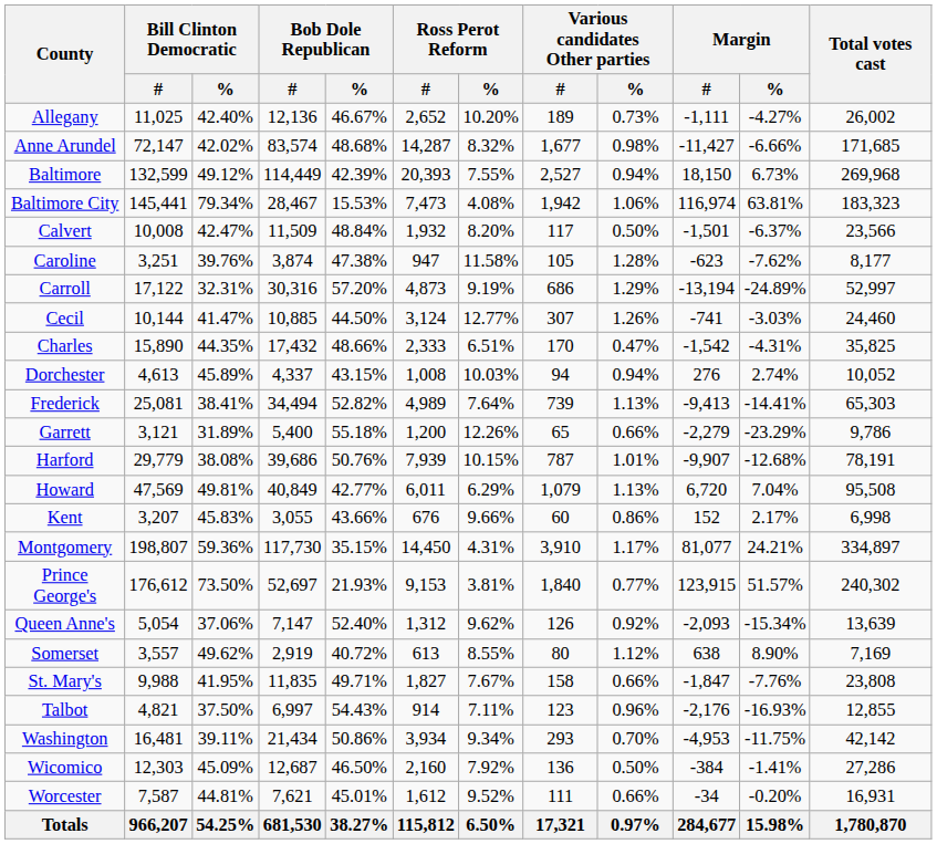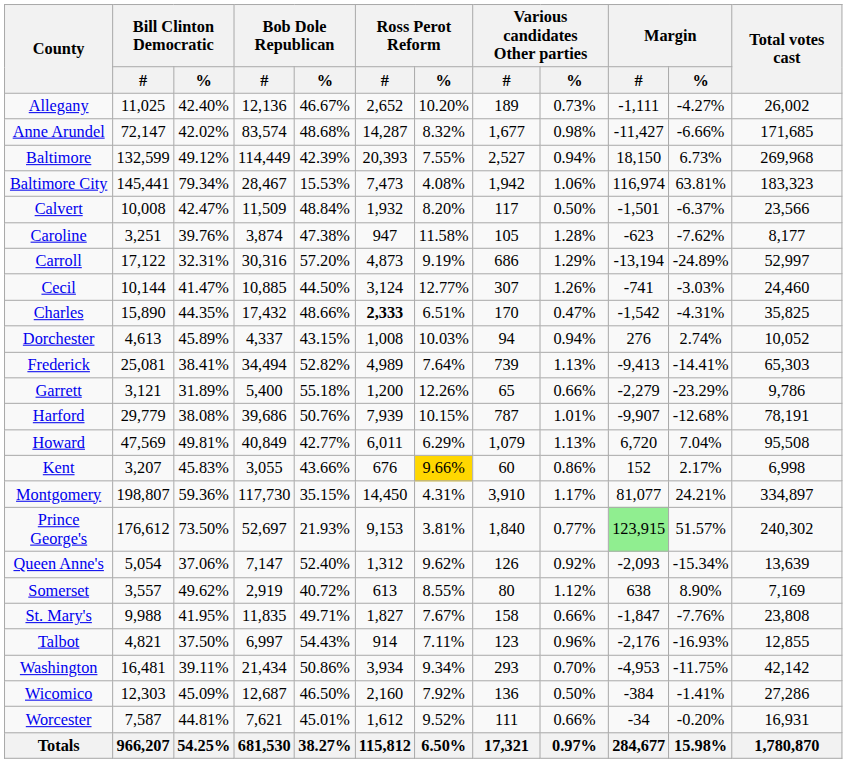 <table width="65%"  class="wikitable sortable" style="text-align:center">
 <tr>
 <th style="text-align:center;" rowspan="2">County</th>
 <th style="text-align:center;" colspan="2">Bill Clinton<br>Democratic</th>
 <th style="text-align:center;" colspan="2">Bob Dole<br>Republican</th>
 <th style="text-align:center;" colspan="2">Ross Perot<br>Reform</th>
 <th style="text-align:center;" colspan="2">Various candidates<br>Other parties</th>
 <th style="text-align:center;" colspan="2">Margin</th>
 <th style="text-align:center;" rowspan="2">Total votes cast</th>
 </tr>
 <tr>
 <th style="text-align:center;" data-sort-type="number">#</th>
 <th style="text-align:center;" data-sort-type="number">%</th>
 <th style="text-align:center;" data-sort-type="number">#</th>
 <th style="text-align:center;" data-sort-type="number">%</th>
 <th style="text-align:center;" data-sort-type="number">#</th>
 <th style="text-align:center;" data-sort-type="number">%</th>
 <th style="text-align:center;" data-sort-type="number">#</th>
 <th style="text-align:center;" data-sort-type="number">%</th>
 <th style="text-align:center;" data-sort-type="number">#</th>
 <th style="text-align:center;" data-sort-type="number">%</th>
 </tr>
 <tr style="text-align:center;">
 <td><a href='#'>Allegany</a></td>
 <td>11,025</td>
 <td>42.40%</td>
 <td>12,136</td>
 <td>46.67%</td>
 <td>2,652</td>
 <td>10.20%</td>
 <td>189</td>
 <td>0.73%</td>
 <td>-1,111</td>
 <td>-4.27%</td>
 <td>26,002</td>
 </tr>
 <tr style="text-align:center;">
 <td><a href='#'>Anne Arundel</a></td>
 <td>72,147</td>
 <td>42.02%</td>
 <td>83,574</td>
 <td>48.68%</td>
 <td>14,287</td>
 <td>8.32%</td>
 <td>1,677</td>
 <td>0.98%</td>
 <td>-11,427</td>
 <td>-6.66%</td>
 <td>171,685</td>
 </tr>
 <tr style="text-align:center;">
 <td><a href='#'>Baltimore</a></td>
 <td>132,599</td>
 <td>49.12%</td>
 <td>114,449</td>
 <td>42.39%</td>
 <td>20,393</td>
 <td>7.55%</td>
 <td>2,527</td>
 <td>0.94%</td>
 <td>18,150</td>
 <td>6.73%</td>
 <td>269,968</td>
 </tr>
 <tr style="text-align:center;">
 <td><a href='#'>Baltimore City</a></td>
 <td>145,441</td>
 <td>79.34%</td>
 <td>28,467</td>
 <td>15.53%</td>
 <td>7,473</td>
 <td>4.08%</td>
 <td>1,942</td>
 <td>1.06%</td>
 <td>116,974</td>
 <td>63.81%</td>
 <td>183,323</td>
 </tr>
 <tr style="text-align:center;">
 <td><a href='#'>Calvert</a></td>
 <td>10,008</td>
 <td>42.47%</td>
 <td>11,509</td>
 <td>48.84%</td>
 <td>1,932</td>
 <td>8.20%</td>
 <td>117</td>
 <td>0.50%</td>
 <td>-1,501</td>
 <td>-6.37%</td>
 <td>23,566</td>
 </tr>
 <tr style="text-align:center;">
 <td><a href='#'>Caroline</a></td>
 <td>3,251</td>
 <td>39.76%</td>
 <td>3,874</td>
 <td>47.38%</td>
 <td>947</td>
 <td>11.58%</td>
 <td>105</td>
 <td>1.28%</td>
 <td>-623</td>
 <td>-7.62%</td>
 <td>8,177</td>
 </tr>
 <tr style="text-align:center;">
 <td><a href='#'>Carroll</a></td>
 <td>17,122</td>
 <td>32.31%</td>
 <td>30,316</td>
 <td>57.20%</td>
 <td>4,873</td>
 <td>9.19%</td>
 <td>686</td>
 <td>1.29%</td>
 <td>-13,194</td>
 <td>-24.89%</td>
 <td>52,997</td>
 </tr>
 <tr style="text-align:center;">
 <td><a href='#'>Cecil</a></td>
 <td>10,144</td>
 <td>41.47%</td>
 <td>10,885</td>
 <td>44.50%</td>
 <td>3,124</td>
 <td>12.77%</td>
 <td>307</td>
 <td>1.26%</td>
 <td>-741</td>
 <td>-3.03%</td>
 <td>24,460</td>
 </tr>
 <tr style="text-align:center;">
 <td><a href='#'>Charles</a></td>
 <td>15,890</td>
 <td>44.35%</td>
 <td>17,432</td>
 <td>48.66%</td>
-<td>2,333</td>
+<td><strong>2,333</strong></td>
 <td>6.51%</td>
 <td>170</td>
 <td>0.47%</td>
 <td>-1,542</td>
 <td>-4.31%</td>
 <td>35,825</td>
 </tr>
 <tr style="text-align:center;">
 <td><a href='#'>Dorchester</a></td>
 <td>4,613</td>
 <td>45.89%</td>
 <td>4,337</td>
 <td>43.15%</td>
 <td>1,008</td>
 <td>10.03%</td>
 <td>94</td>
 <td>0.94%</td>
 <td>276</td>
 <td>2.74%</td>
 <td>10,052</td>
 </tr>
 <tr style="text-align:center;">
 <td><a href='#'>Frederick</a></td>
 <td>25,081</td>
 <td>38.41%</td>
 <td>34,494</td>
 <td>52.82%</td>
 <td>4,989</td>
 <td>7.64%</td>
 <td>739</td>
 <td>1.13%</td>
 <td>-9,413</td>
 <td>-14.41%</td>
 <td>65,303</td>
 </tr>
 <tr style="text-align:center;">
 <td><a href='#'>Garrett</a></td>
 <td>3,121</td>
 <td>31.89%</td>
 <td>5,400</td>
 <td>55.18%</td>
 <td>1,200</td>
 <td>12.26%</td>
 <td>65</td>
 <td>0.66%</td>
 <td>-2,279</td>
 <td>-23.29%</td>
 <td>9,786</td>
 </tr>
 <tr style="text-align:center;">
 <td><a href='#'>Harford</a></td>
 <td>29,779</td>
 <td>38.08%</td>
 <td>39,686</td>
 <td>50.76%</td>
 <td>7,939</td>
 <td>10.15%</td>
 <td>787</td>
 <td>1.01%</td>
 <td>-9,907</td>
 <td>-12.68%</td>
 <td>78,191</td>
 </tr>
 <tr style="text-align:center;">
 <td><a href='#'>Howard</a></td>
 <td>47,569</td>
 <td>49.81%</td>
 <td>40,849</td>
 <td>42.77%</td>
 <td>6,011</td>
 <td>6.29%</td>
 <td>1,079</td>
 <td>1.13%</td>
 <td>6,720</td>
 <td>7.04%</td>
 <td>95,508</td>
 </tr>
 <tr style="text-align:center;">
 <td><a href='#'>Kent</a></td>
 <td>3,207</td>
 <td>45.83%</td>
 <td>3,055</td>
 <td>43.66%</td>
 <td>676</td>
-<td>9.66%</td>
+<td style="background: gold;">9.66%</td>
 <td>60</td>
 <td>0.86%</td>
 <td>152</td>
 <td>2.17%</td>
 <td>6,998</td>
 </tr>
 <tr style="text-align:center;">
 <td><a href='#'>Montgomery</a></td>
 <td>198,807</td>
 <td>59.36%</td>
 <td>117,730</td>
 <td>35.15%</td>
 <td>14,450</td>
 <td>4.31%</td>
 <td>3,910</td>
 <td>1.17%</td>
 <td>81,077</td>
 <td>24.21%</td>
 <td>334,897</td>
 </tr>
 <tr style="text-align:center;">
 <td><a href='#'>Prince George's</a></td>
 <td>176,612</td>
 <td>73.50%</td>
 <td>52,697</td>
 <td>21.93%</td>
 <td>9,153</td>
 <td>3.81%</td>
 <td>1,840</td>
 <td>0.77%</td>
-<td>123,915</td>
+<td style="background: lightgreen;">123,915</td>
 <td>51.57%</td>
 <td>240,302</td>
 </tr>
 <tr style="text-align:center;">
 <td><a href='#'>Queen Anne's</a></td>
 <td>5,054</td>
 <td>37.06%</td>
 <td>7,147</td>
 <td>52.40%</td>
 <td>1,312</td>
 <td>9.62%</td>
 <td>126</td>
 <td>0.92%</td>
 <td>-2,093</td>
 <td>-15.34%</td>
 <td>13,639</td>
 </tr>
 <tr style="text-align:center;">
 <td><a href='#'>Somerset</a></td>
 <td>3,557</td>
 <td>49.62%</td>
 <td>2,919</td>
 <td>40.72%</td>
 <td>613</td>
 <td>8.55%</td>
 <td>80</td>
 <td>1.12%</td>
 <td>638</td>
 <td>8.90%</td>
 <td>7,169</td>
 </tr>
 <tr style="text-align:center;">
 <td><a href='#'>St. Mary's</a></td>
 <td>9,988</td>
 <td>41.95%</td>
 <td>11,835</td>
 <td>49.71%</td>
 <td>1,827</td>
 <td>7.67%</td>
 <td>158</td>
 <td>0.66%</td>
 <td>-1,847</td>
 <td>-7.76%</td>
 <td>23,808</td>
 </tr>
 <tr style="text-align:center;">
 <td><a href='#'>Talbot</a></td>
 <td>4,821</td>
 <td>37.50%</td>
 <td>6,997</td>
 <td>54.43%</td>
 <td>914</td>
 <td>7.11%</td>
 <td>123</td>
 <td>0.96%</td>
 <td>-2,176</td>
 <td>-16.93%</td>
 <td>12,855</td>
 </tr>
 <tr style="text-align:center;">
 <td><a href='#'>Washington</a></td>
 <td>16,481</td>
 <td>39.11%</td>
 <td>21,434</td>
 <td>50.86%</td>
 <td>3,934</td>
 <td>9.34%</td>
 <td>293</td>
 <td>0.70%</td>
 <td>-4,953</td>
 <td>-11.75%</td>
 <td>42,142</td>
 </tr>
 <tr style="text-align:center;">
 <td><a href='#'>Wicomico</a></td>
 <td>12,303</td>
 <td>45.09%</td>
 <td>12,687</td>
 <td>46.50%</td>
 <td>2,160</td>
 <td>7.92%</td>
 <td>136</td>
 <td>0.50%</td>
 <td>-384</td>
 <td>-1.41%</td>
 <td>27,286</td>
 </tr>
 <tr style="text-align:center;">
 <td><a href='#'>Worcester</a></td>
 <td>7,587</td>
 <td>44.81%</td>
 <td>7,621</td>
 <td>45.01%</td>
 <td>1,612</td>
 <td>9.52%</td>
 <td>111</td>
 <td>0.66%</td>
 <td>-34</td>
 <td>-0.20%</td>
 <td>16,931</td>
 </tr>
 <tr style="text-align:center;">
 <th>Totals</th>
 <th>966,207</th>
 <th>54.25%</th>
 <th>681,530</th>
 <th>38.27%</th>
 <th>115,812</th>
 <th>6.50%</th>
 <th>17,321</th>
 <th>0.97%</th>
 <th>284,677</th>
 <th>15.98%</th>
 <th>1,780,870</th>
 </tr>
 </table>
